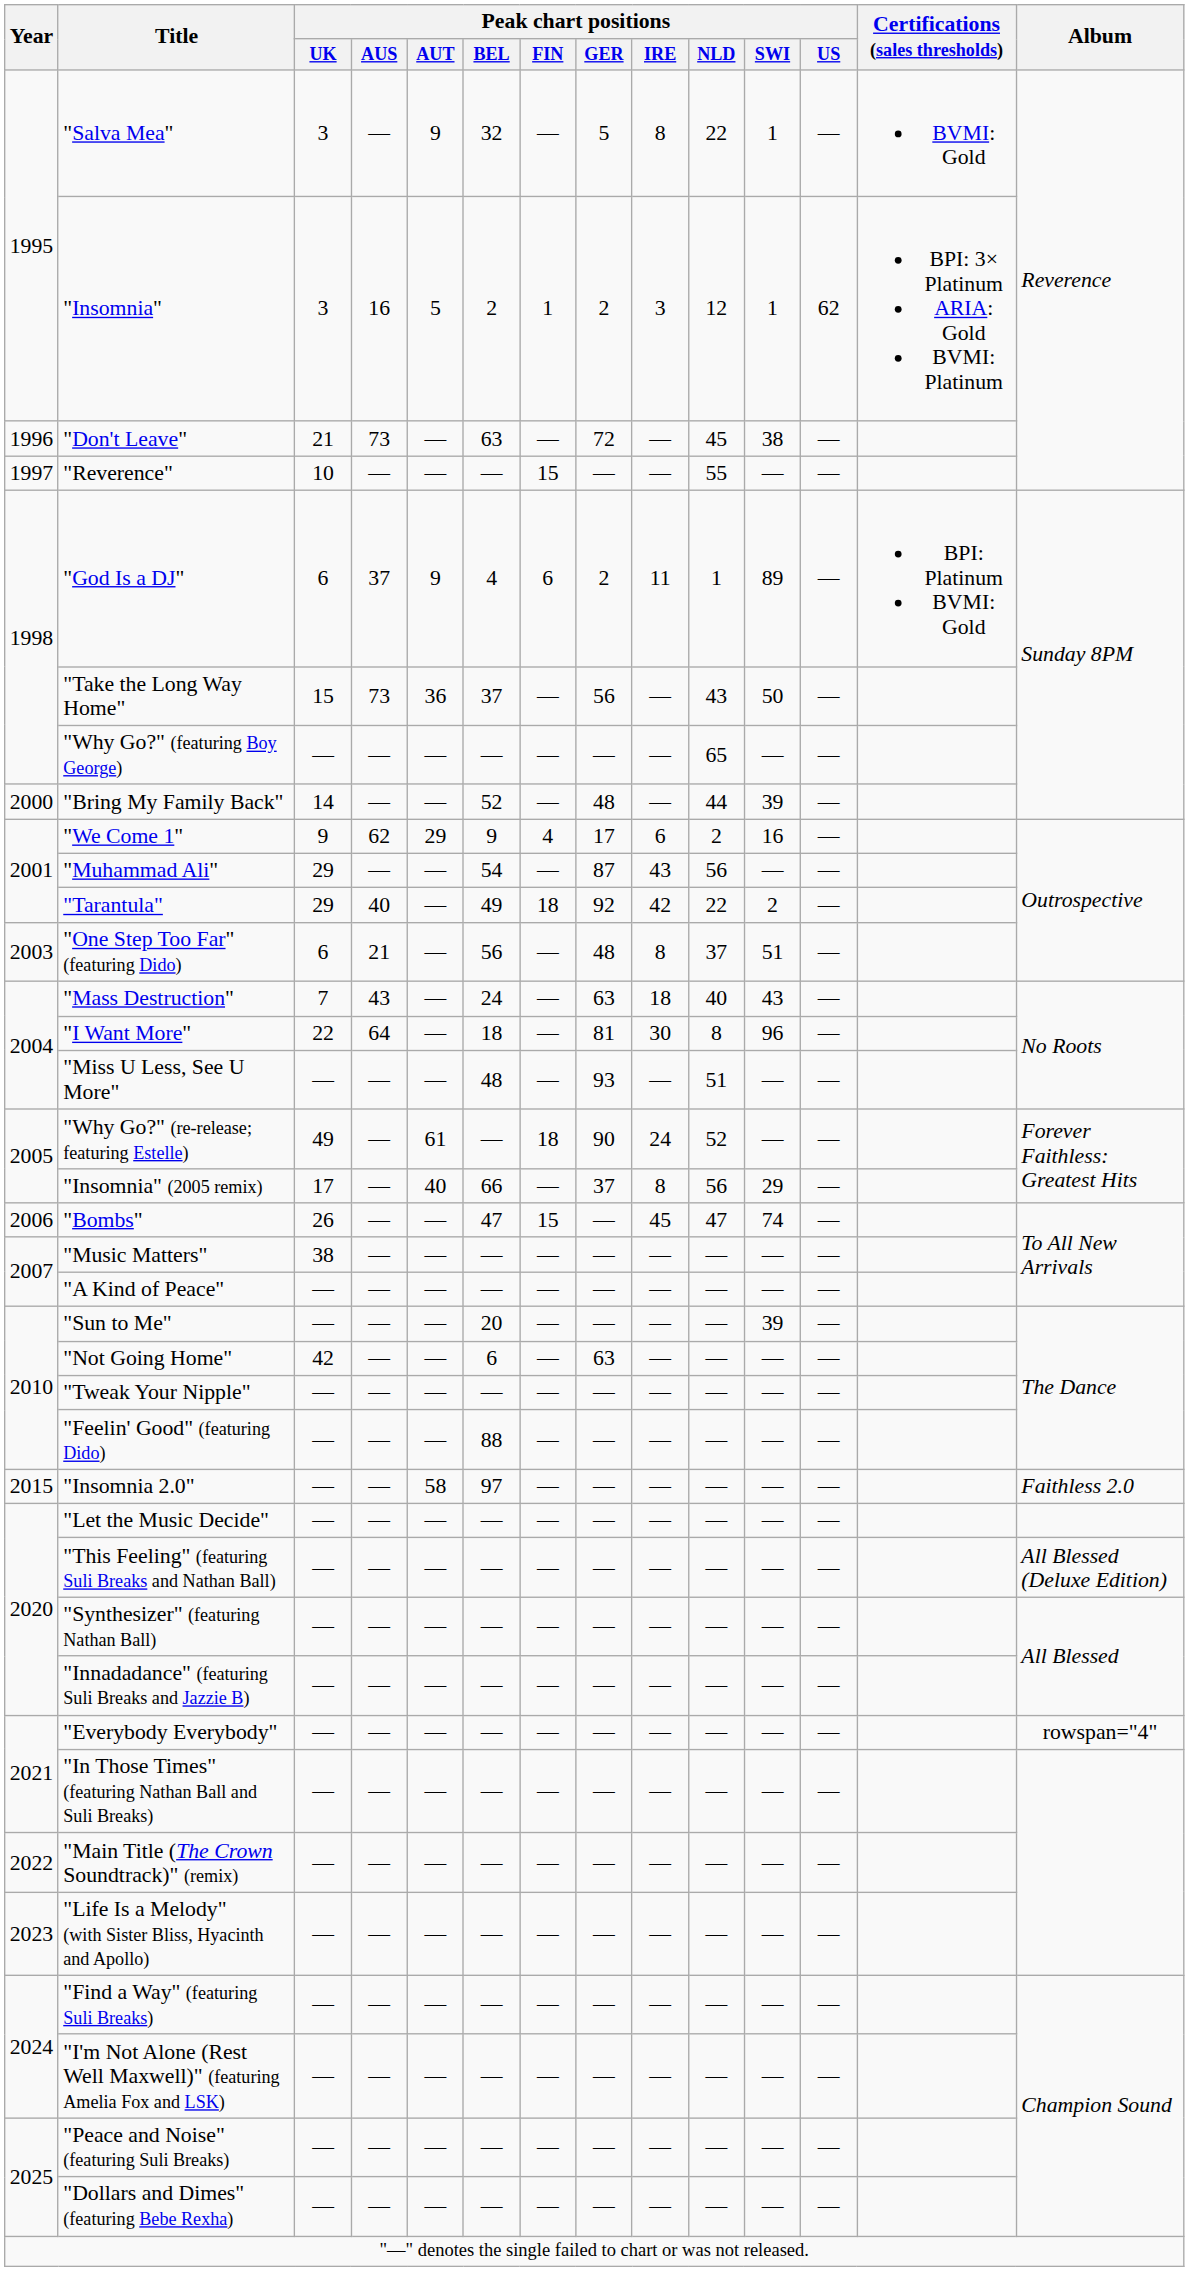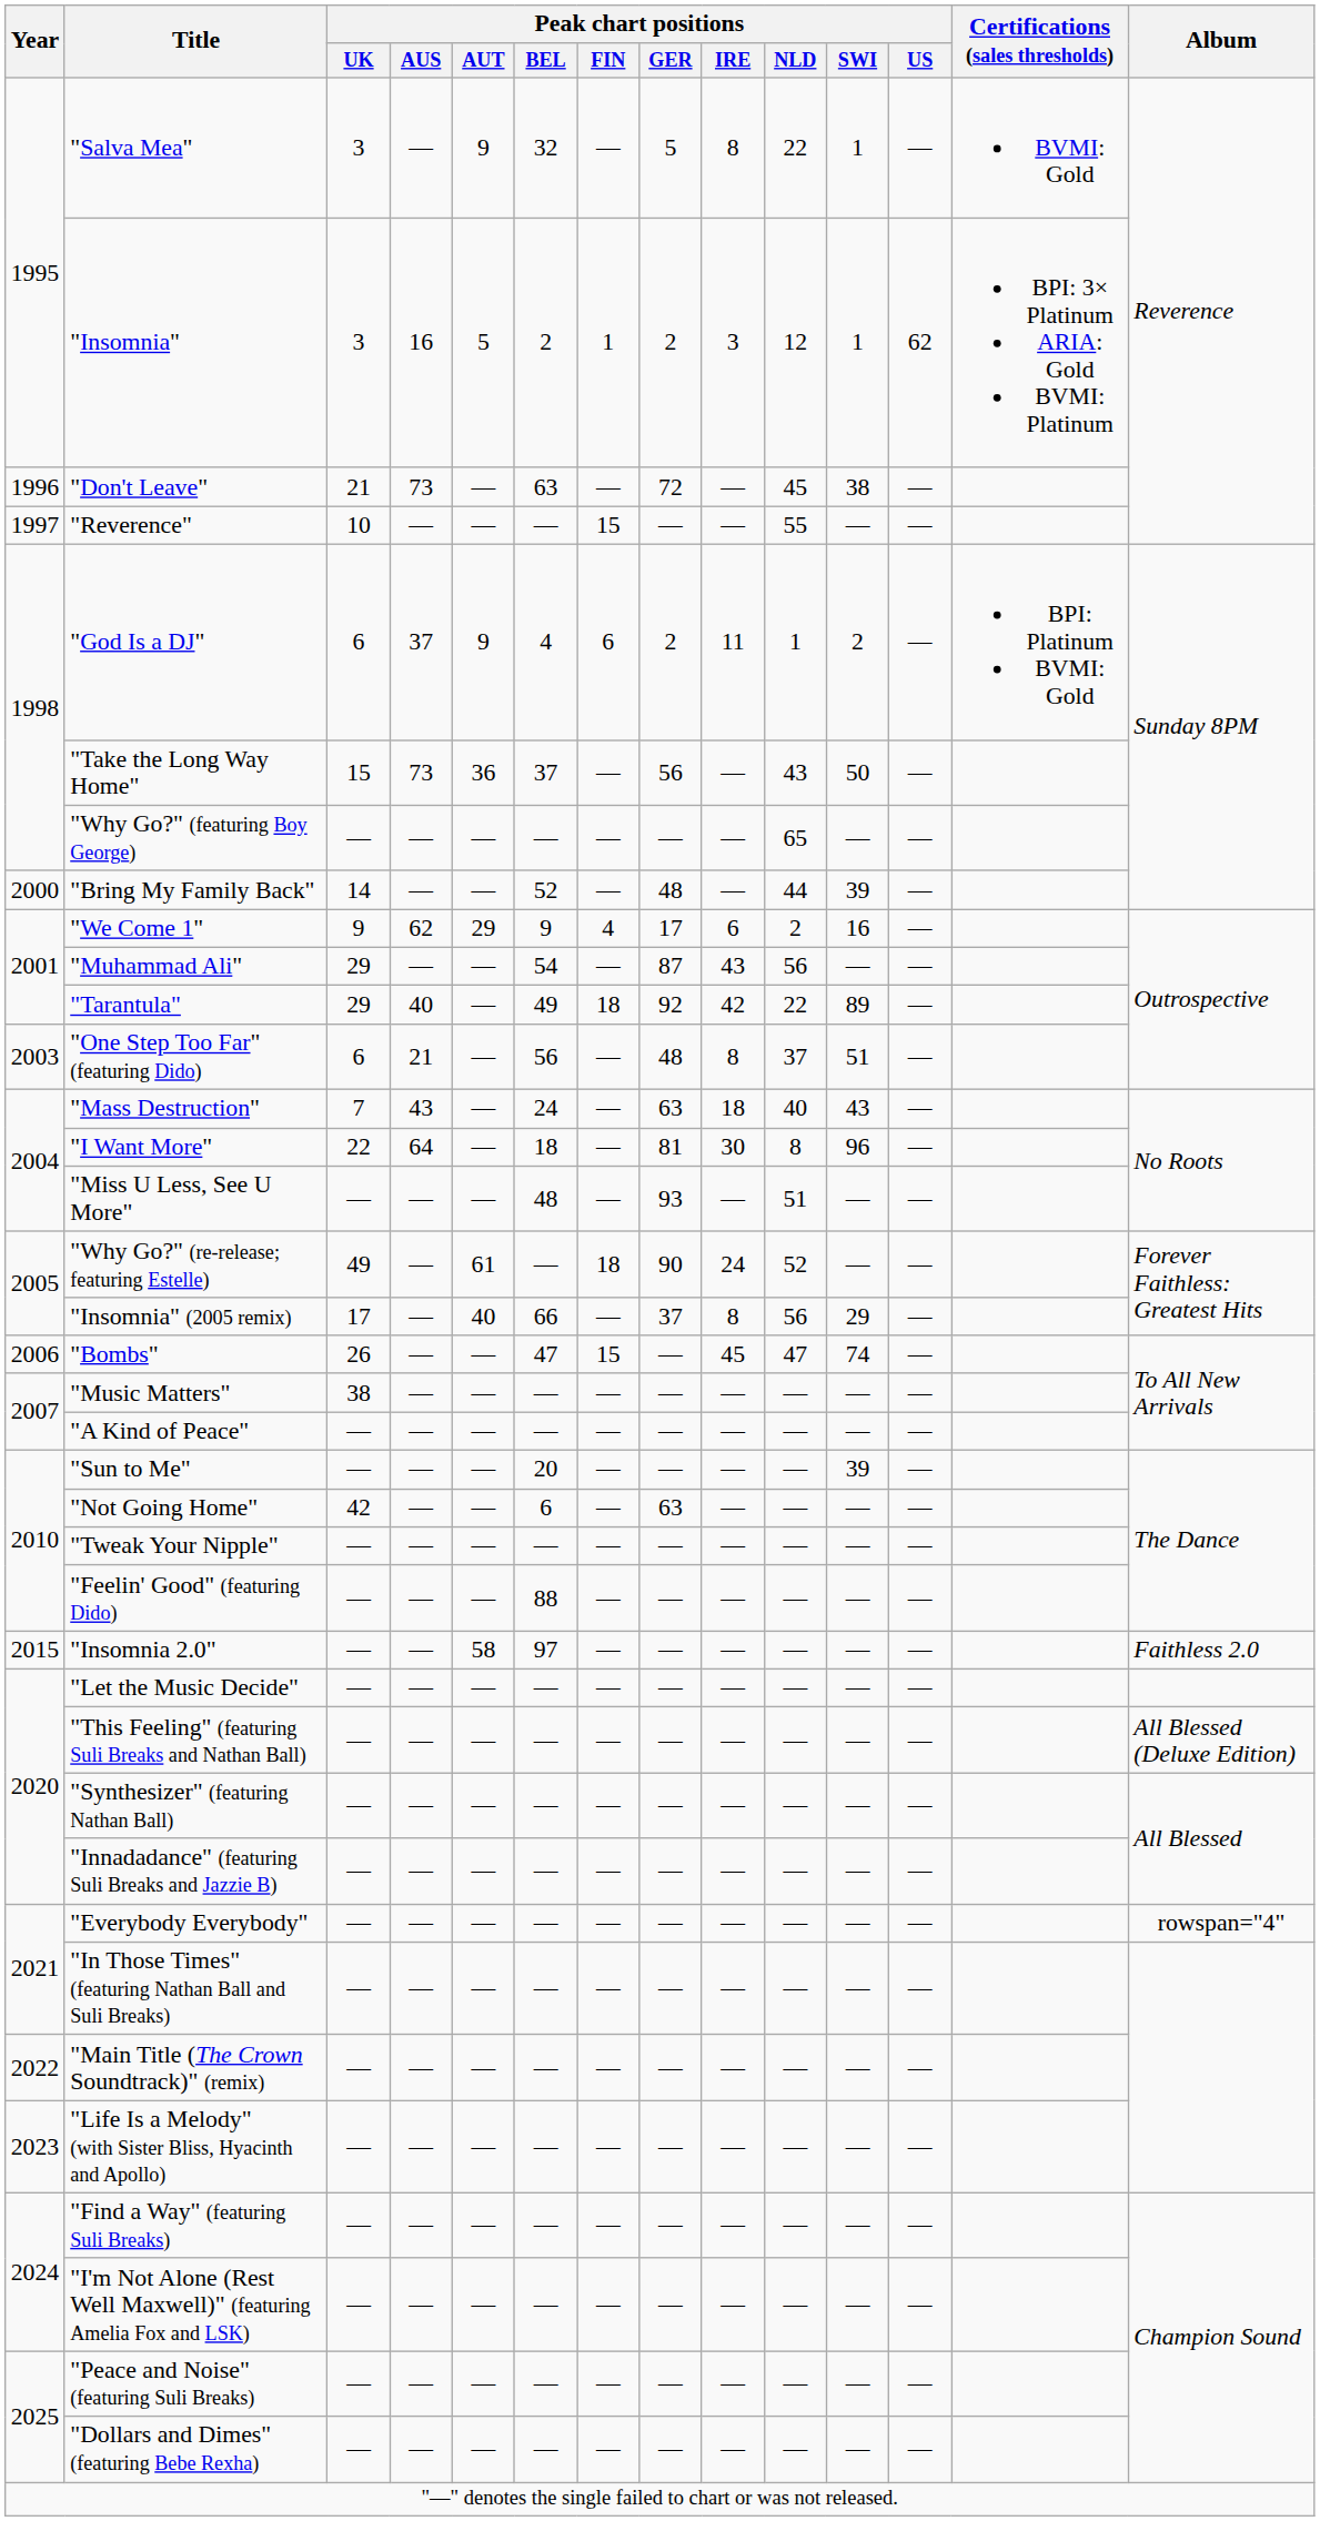 <table class="wikitable" style="text-align:center;">
 <tr>
 <th scope="col" rowspan="2">Year</th>
 <th scope="col" rowspan="2">Title</th>
 <th scope="col" colspan="10">Peak chart positions</th>
 <th scope="col" rowspan="2"><a href='#'>Certifications</a><br><small>(<a href='#'>sales thresholds</a>)</small></th>
 <th scope="col" rowspan="2">Album</th>
 </tr>
 <tr style="font-size:smaller;">
 <th scope="col" width="35"><a href='#'>UK</a><br></th>
 <th scope="col" width="35"><a href='#'>AUS</a><br></th>
 <th scope="col" width="35"><a href='#'>AUT</a><br></th>
 <th scope="col" width="35"><a href='#'>BEL</a><br></th>
 <th scope="col" width="35"><a href='#'>FIN</a><br></th>
 <th scope="col" width="35"><a href='#'>GER</a><br></th>
 <th scope="col" width="35"><a href='#'>IRE</a><br></th>
 <th scope="col" width="35"><a href='#'>NLD</a><br></th>
 <th scope="col" width="35"><a href='#'>SWI</a><br></th>
 <th scope="col" width="35"><a href='#'>US</a></th>
 </tr>
 <tr>
 <td rowspan="2">1995</td>
 <td align="left">"<a href='#'>Salva Mea</a>"</td>
 <td>3</td>
 <td>—</td>
 <td>9</td>
 <td>32</td>
 <td>—</td>
 <td>5</td>
 <td>8</td>
 <td>22</td>
 <td>1</td>
 <td>—</td>
 <td><br><ul><li><a href='#'>BVMI</a>: Gold</li></ul></td>
 <td rowspan="4" style="text-align:left;"><em>Reverence</em></td>
 </tr>
 <tr>
 <td align="left">"<a href='#'>Insomnia</a>"</td>
 <td>3</td>
 <td>16</td>
 <td>5</td>
 <td>2</td>
 <td>1</td>
 <td>2</td>
 <td>3</td>
 <td>12</td>
 <td>1</td>
 <td>62</td>
 <td><br><ul><li>BPI: 3× Platinum</li><li><a href='#'>ARIA</a>: Gold</li><li>BVMI: Platinum</li></ul></td>
 </tr>
 <tr>
 <td>1996</td>
 <td align="left">"<a href='#'>Don't Leave</a>"</td>
 <td>21</td>
 <td>73</td>
 <td>—</td>
 <td>63</td>
 <td>—</td>
 <td>72</td>
 <td>—</td>
 <td>45</td>
 <td>38</td>
 <td>—</td>
 <td></td>
 </tr>
 <tr>
 <td>1997</td>
 <td align="left">"Reverence"</td>
 <td>10</td>
 <td>—</td>
 <td>—</td>
 <td>—</td>
 <td>15</td>
 <td>—</td>
 <td>—</td>
 <td>55</td>
 <td>—</td>
 <td>—</td>
 <td></td>
 </tr>
 <tr>
 <td rowspan="3">1998</td>
 <td align="left">"<a href='#'>God Is a DJ</a>"</td>
 <td>6</td>
 <td>37</td>
 <td>9</td>
 <td>4</td>
 <td>6</td>
 <td>2</td>
 <td>11</td>
 <td>1</td>
-<td>89</td>
+<td>2</td>
 <td>—</td>
 <td><br><ul><li>BPI: Platinum</li><li>BVMI: Gold</li></ul></td>
 <td rowspan="4" style="text-align:left;"><em>Sunday 8PM</em></td>
 </tr>
 <tr>
 <td align="left">"Take the Long Way Home"</td>
 <td>15</td>
 <td>73</td>
 <td>36</td>
 <td>37</td>
 <td>—</td>
 <td>56</td>
 <td>—</td>
 <td>43</td>
 <td>50</td>
 <td>—</td>
 <td></td>
 </tr>
 <tr>
 <td align="left">"Why Go?" <small>(featuring <a href='#'>Boy George</a>)</small></td>
 <td>—</td>
 <td>—</td>
 <td>—</td>
 <td>—</td>
 <td>—</td>
 <td>—</td>
 <td>—</td>
 <td>65</td>
 <td>—</td>
 <td>—</td>
 <td></td>
 </tr>
 <tr>
 <td>2000</td>
 <td align="left">"Bring My Family Back"</td>
 <td>14</td>
 <td>—</td>
 <td>—</td>
 <td>52</td>
 <td>—</td>
 <td>48</td>
 <td>—</td>
 <td>44</td>
 <td>39</td>
 <td>—</td>
 <td></td>
 </tr>
 <tr>
 <td rowspan="3">2001</td>
 <td align="left">"<a href='#'>We Come 1</a>"</td>
 <td>9</td>
 <td>62</td>
 <td>29</td>
 <td>9</td>
 <td>4</td>
 <td>17</td>
 <td>6</td>
 <td>2</td>
 <td>16</td>
 <td>—</td>
 <td></td>
 <td rowspan="4" style="text-align:left;"><em>Outrospective</em></td>
 </tr>
 <tr>
 <td align="left">"<a href='#'>Muhammad Ali</a>"</td>
 <td>29</td>
 <td>—</td>
 <td>—</td>
 <td>54</td>
 <td>—</td>
 <td>87</td>
 <td>43</td>
 <td>56</td>
 <td>—</td>
 <td>—</td>
 <td></td>
 </tr>
 <tr>
 <td align="left"><a href='#'>"Tarantula"</a></td>
 <td>29</td>
 <td>40</td>
 <td>—</td>
 <td>49</td>
 <td>18</td>
 <td>92</td>
 <td>42</td>
 <td>22</td>
-<td>2</td>
+<td>89</td>
 <td>—</td>
 <td></td>
 </tr>
 <tr>
 <td>2003</td>
 <td align="left">"<a href='#'>One Step Too Far</a>" <small>(featuring <a href='#'>Dido</a>)</small></td>
 <td>6</td>
 <td>21</td>
 <td>—</td>
 <td>56</td>
 <td>—</td>
 <td>48</td>
 <td>8</td>
 <td>37</td>
 <td>51</td>
 <td>—</td>
 <td></td>
 </tr>
 <tr>
 <td rowspan="3">2004</td>
 <td align="left">"<a href='#'>Mass Destruction</a>"</td>
 <td>7</td>
 <td>43</td>
 <td>—</td>
 <td>24</td>
 <td>—</td>
 <td>63</td>
 <td>18</td>
 <td>40</td>
 <td>43</td>
 <td>—</td>
 <td></td>
 <td rowspan="3" style="text-align:left;"><em>No Roots</em></td>
 </tr>
 <tr>
 <td align="left">"<a href='#'>I Want More</a>"</td>
 <td>22</td>
 <td>64</td>
 <td>—</td>
 <td>18</td>
 <td>—</td>
 <td>81</td>
 <td>30</td>
 <td>8</td>
 <td>96</td>
 <td>—</td>
 <td></td>
 </tr>
 <tr>
 <td align="left">"Miss U Less, See U More"</td>
 <td>—</td>
 <td>—</td>
 <td>—</td>
 <td>48</td>
 <td>—</td>
 <td>93</td>
 <td>—</td>
 <td>51</td>
 <td>—</td>
 <td>—</td>
 <td></td>
 </tr>
 <tr>
 <td rowspan="2">2005</td>
 <td align="left">"Why Go?" <small>(re-release; featuring <a href='#'>Estelle</a>)</small></td>
 <td>49</td>
 <td>—</td>
 <td>61</td>
 <td>—</td>
 <td>18</td>
 <td>90</td>
 <td>24</td>
 <td>52</td>
 <td>—</td>
 <td>—</td>
 <td></td>
 <td rowspan="2" style="text-align:left;"><em>Forever Faithless: Greatest Hits</em></td>
 </tr>
 <tr>
 <td align="left">"Insomnia" <small>(2005 remix)</small></td>
 <td>17</td>
 <td>—</td>
 <td>40</td>
 <td>66</td>
 <td>—</td>
 <td>37</td>
 <td>8</td>
 <td>56</td>
 <td>29</td>
 <td>—</td>
 <td></td>
 </tr>
 <tr>
 <td>2006</td>
 <td align="left">"<a href='#'>Bombs</a>"</td>
 <td>26</td>
 <td>—</td>
 <td>—</td>
 <td>47</td>
 <td>15</td>
 <td>—</td>
 <td>45</td>
 <td>47</td>
 <td>74</td>
 <td>—</td>
 <td></td>
 <td rowspan="3" style="text-align:left;"><em>To All New Arrivals</em></td>
 </tr>
 <tr>
 <td rowspan="2">2007</td>
 <td align="left">"Music Matters"</td>
 <td>38</td>
 <td>—</td>
 <td>—</td>
 <td>—</td>
 <td>—</td>
 <td>—</td>
 <td>—</td>
 <td>—</td>
 <td>—</td>
 <td>—</td>
 <td></td>
 </tr>
 <tr>
 <td align="left">"A Kind of Peace"</td>
 <td>—</td>
 <td>—</td>
 <td>—</td>
 <td>—</td>
 <td>—</td>
 <td>—</td>
 <td>—</td>
 <td>—</td>
 <td>—</td>
 <td>—</td>
 <td></td>
 </tr>
 <tr>
 <td rowspan="4">2010</td>
 <td align="left">"Sun to Me"</td>
 <td>—</td>
 <td>—</td>
 <td>—</td>
 <td>20</td>
 <td>—</td>
 <td>—</td>
 <td>—</td>
 <td>—</td>
 <td>39</td>
 <td>—</td>
 <td></td>
 <td rowspan="4" style="text-align:left;"><em>The Dance</em></td>
 </tr>
 <tr>
 <td align="left">"Not Going Home"</td>
 <td>42</td>
 <td>—</td>
 <td>—</td>
 <td>6</td>
 <td>—</td>
 <td>63</td>
 <td>—</td>
 <td>—</td>
 <td>—</td>
 <td>—</td>
 <td></td>
 </tr>
 <tr>
 <td align="left">"Tweak Your Nipple"</td>
 <td>—</td>
 <td>—</td>
 <td>—</td>
 <td>—</td>
 <td>—</td>
 <td>—</td>
 <td>—</td>
 <td>—</td>
 <td>—</td>
 <td>—</td>
 <td></td>
 </tr>
 <tr>
 <td align="left">"Feelin' Good" <small>(featuring <a href='#'>Dido</a>)</small></td>
 <td>—</td>
 <td>—</td>
 <td>—</td>
 <td>88</td>
 <td>—</td>
 <td>—</td>
 <td>—</td>
 <td>—</td>
 <td>—</td>
 <td>—</td>
 <td></td>
 </tr>
 <tr>
 <td>2015</td>
 <td align="left">"Insomnia 2.0"</td>
 <td>—</td>
 <td>—</td>
 <td>58</td>
 <td>97</td>
 <td>—</td>
 <td>—</td>
 <td>—</td>
 <td>—</td>
 <td>—</td>
 <td>—</td>
 <td></td>
 <td style="text-align:left;"><em>Faithless 2.0</em></td>
 </tr>
 <tr>
 <td rowspan="4">2020</td>
 <td align="left">"Let the Music Decide"</td>
 <td>—</td>
 <td>—</td>
 <td>—</td>
 <td>—</td>
 <td>—</td>
 <td>—</td>
 <td>—</td>
 <td>—</td>
 <td>—</td>
 <td>—</td>
 <td></td>
 <td></td>
 </tr>
 <tr>
 <td align="left">"This Feeling"  <small>(featuring <a href='#'>Suli Breaks</a> and Nathan Ball)</small></td>
 <td>—</td>
 <td>—</td>
 <td>—</td>
 <td>—</td>
 <td>—</td>
 <td>—</td>
 <td>—</td>
 <td>—</td>
 <td>—</td>
 <td>—</td>
 <td></td>
 <td style="text-align:left;"><em>All Blessed (Deluxe Edition)</em></td>
 </tr>
 <tr>
 <td align="left">"Synthesizer" <small>(featuring Nathan Ball)</small></td>
 <td>—</td>
 <td>—</td>
 <td>—</td>
 <td>—</td>
 <td>—</td>
 <td>—</td>
 <td>—</td>
 <td>—</td>
 <td>—</td>
 <td>—</td>
 <td></td>
 <td style="text-align:left" rowspan="2"><em>All Blessed</em></td>
 </tr>
 <tr>
 <td align="left">"Innadadance" <small>(featuring Suli Breaks and <a href='#'>Jazzie B</a>)</small></td>
 <td>—</td>
 <td>—</td>
 <td>—</td>
 <td>—</td>
 <td>—</td>
 <td>—</td>
 <td>—</td>
 <td>—</td>
 <td>—</td>
 <td>—</td>
 <td></td>
 </tr>
 <tr>
 <td rowspan="2">2021</td>
 <td align="left">"Everybody Everybody"</td>
 <td>—</td>
 <td>—</td>
 <td>—</td>
 <td>—</td>
 <td>—</td>
 <td>—</td>
 <td>—</td>
 <td>—</td>
 <td>—</td>
 <td>—</td>
 <td></td>
 <td>rowspan="4" </td>
 </tr>
 <tr>
 <td align="left">"In Those Times" <small>(featuring Nathan Ball and Suli Breaks)</small></td>
 <td>—</td>
 <td>—</td>
 <td>—</td>
 <td>—</td>
 <td>—</td>
 <td>—</td>
 <td>—</td>
 <td>—</td>
 <td>—</td>
 <td>—</td>
 <td></td>
 </tr>
 <tr>
 <td>2022</td>
 <td align="left">"Main Title (<em><a href='#'>The Crown</a></em> Soundtrack)" <small>(remix)</small></td>
 <td>—</td>
 <td>—</td>
 <td>—</td>
 <td>—</td>
 <td>—</td>
 <td>—</td>
 <td>—</td>
 <td>—</td>
 <td>—</td>
 <td>—</td>
 <td></td>
 </tr>
 <tr>
 <td>2023</td>
 <td align="left">"Life Is a Melody"<br><small>(with Sister Bliss, Hyacinth and Apollo)</small></td>
 <td>—</td>
 <td>—</td>
 <td>—</td>
 <td>—</td>
 <td>—</td>
 <td>—</td>
 <td>—</td>
 <td>—</td>
 <td>—</td>
 <td>—</td>
 <td></td>
 </tr>
 <tr>
 <td rowspan="2">2024</td>
 <td align="left">"Find a Way" <small>(featuring <a href='#'>Suli Breaks</a>)</small></td>
 <td>—</td>
 <td>—</td>
 <td>—</td>
 <td>—</td>
 <td>—</td>
 <td>—</td>
 <td>—</td>
 <td>—</td>
 <td>—</td>
 <td>—</td>
 <td></td>
 <td style="text-align:left" rowspan="4"><em>Champion Sound</em></td>
 </tr>
 <tr>
 <td align="left">"I'm Not Alone (Rest Well Maxwell)" <small>(featuring Amelia Fox and <a href='#'>LSK</a>)</small></td>
 <td>—</td>
 <td>—</td>
 <td>—</td>
 <td>—</td>
 <td>—</td>
 <td>—</td>
 <td>—</td>
 <td>—</td>
 <td>—</td>
 <td>—</td>
 <td></td>
 </tr>
 <tr>
 <td rowspan="2">2025</td>
 <td align="left">"Peace and Noise" <small>(featuring Suli Breaks)</small></td>
 <td>—</td>
 <td>—</td>
 <td>—</td>
 <td>—</td>
 <td>—</td>
 <td>—</td>
 <td>—</td>
 <td>—</td>
 <td>—</td>
 <td>—</td>
 <td></td>
 </tr>
 <tr>
 <td align="left">"Dollars and Dimes" <small>(featuring <a href='#'>Bebe Rexha</a>)</small></td>
 <td>—</td>
 <td>—</td>
 <td>—</td>
 <td>—</td>
 <td>—</td>
 <td>—</td>
 <td>—</td>
 <td>—</td>
 <td>—</td>
 <td>—</td>
 <td></td>
 </tr>
 <tr>
 <td colspan="30" style="font-size:85%">"—" denotes the single failed to chart or was not released.</td>
 </tr>
 </table>
